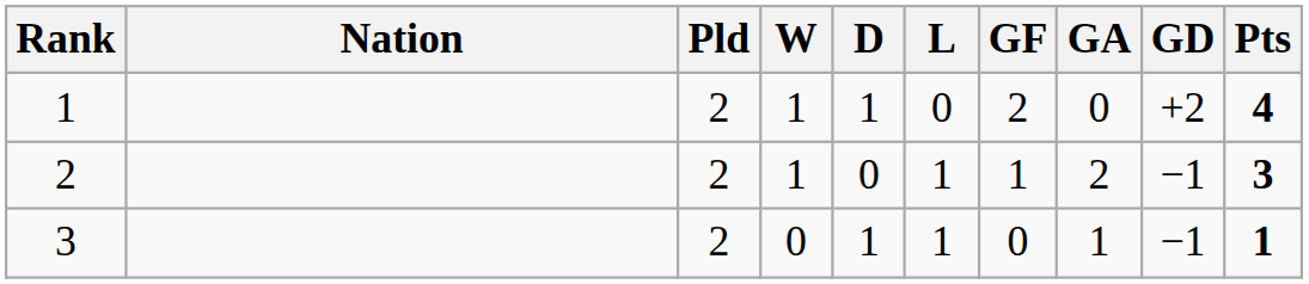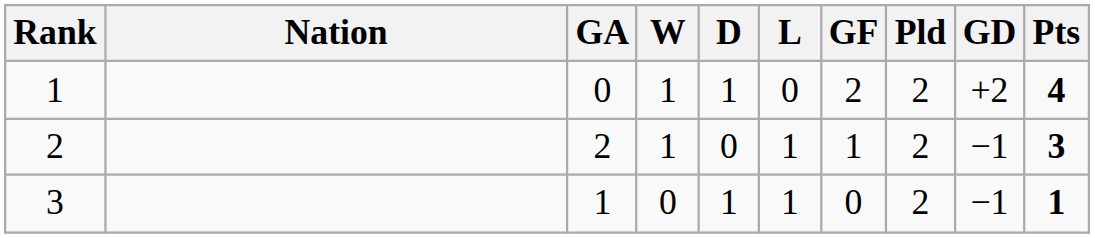 <table class="wikitable" style="text-align: center;">
 <tr>
 <th width=5>Rank</th>
 <th width=200>Nation</th>
-<th width=20>Pld</th>
+<th width=20>GA</th>
 <th width=20>W</th>
 <th width=20>D</th>
 <th width=20>L</th>
 <th width=20>GF</th>
-<th width=20>GA</th>
+<th width=20>Pld</th>
 <th width=20>GD</th>
 <th width=20>Pts</th>
 </tr>
 <tr>
 <td>1</td>
 <td style="text-align:left"></td>
-<td>2</td>
+<td>0</td>
 <td>1</td>
 <td>1</td>
 <td>0</td>
 <td>2</td>
-<td>0</td>
+<td>2</td>
 <td>+2</td>
 <td><strong>4</strong></td>
 </tr>
 <tr>
 <td>2</td>
 <td style="text-align:left"></td>
 <td>2</td>
 <td>1</td>
 <td>0</td>
 <td>1</td>
 <td>1</td>
 <td>2</td>
 <td>−1</td>
 <td><strong>3</strong></td>
 </tr>
 <tr>
 <td>3</td>
 <td style="text-align:left"></td>
-<td>2</td>
+<td>1</td>
 <td>0</td>
 <td>1</td>
 <td>1</td>
 <td>0</td>
-<td>1</td>
+<td>2</td>
 <td>−1</td>
 <td><strong>1</strong></td>
 </tr>
 </table>
